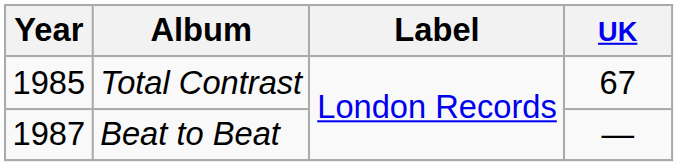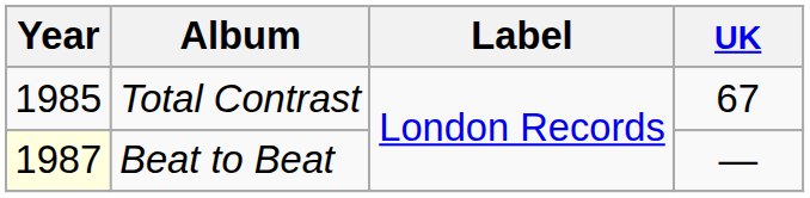 <table class="wikitable">
 <tr>
 <th>Year</th>
 <th>Album</th>
 <th>Label</th>
 <th style="width:45px;"><small><a href='#'>UK</a></small><br></th>
 </tr>
 <tr>
 <td>1985</td>
 <td><em>Total Contrast</em></td>
 <td rowspan="2"><a href='#'>London Records</a></td>
 <td align=center>67</td>
 </tr>
 <tr>
-<td>1987</td>
+<td style="background: lightyellow;">1987</td>
 <td><em>Beat to Beat</em></td>
 <td align=center>—</td>
 </tr>
 <tr>
 </tr>
 </table>
